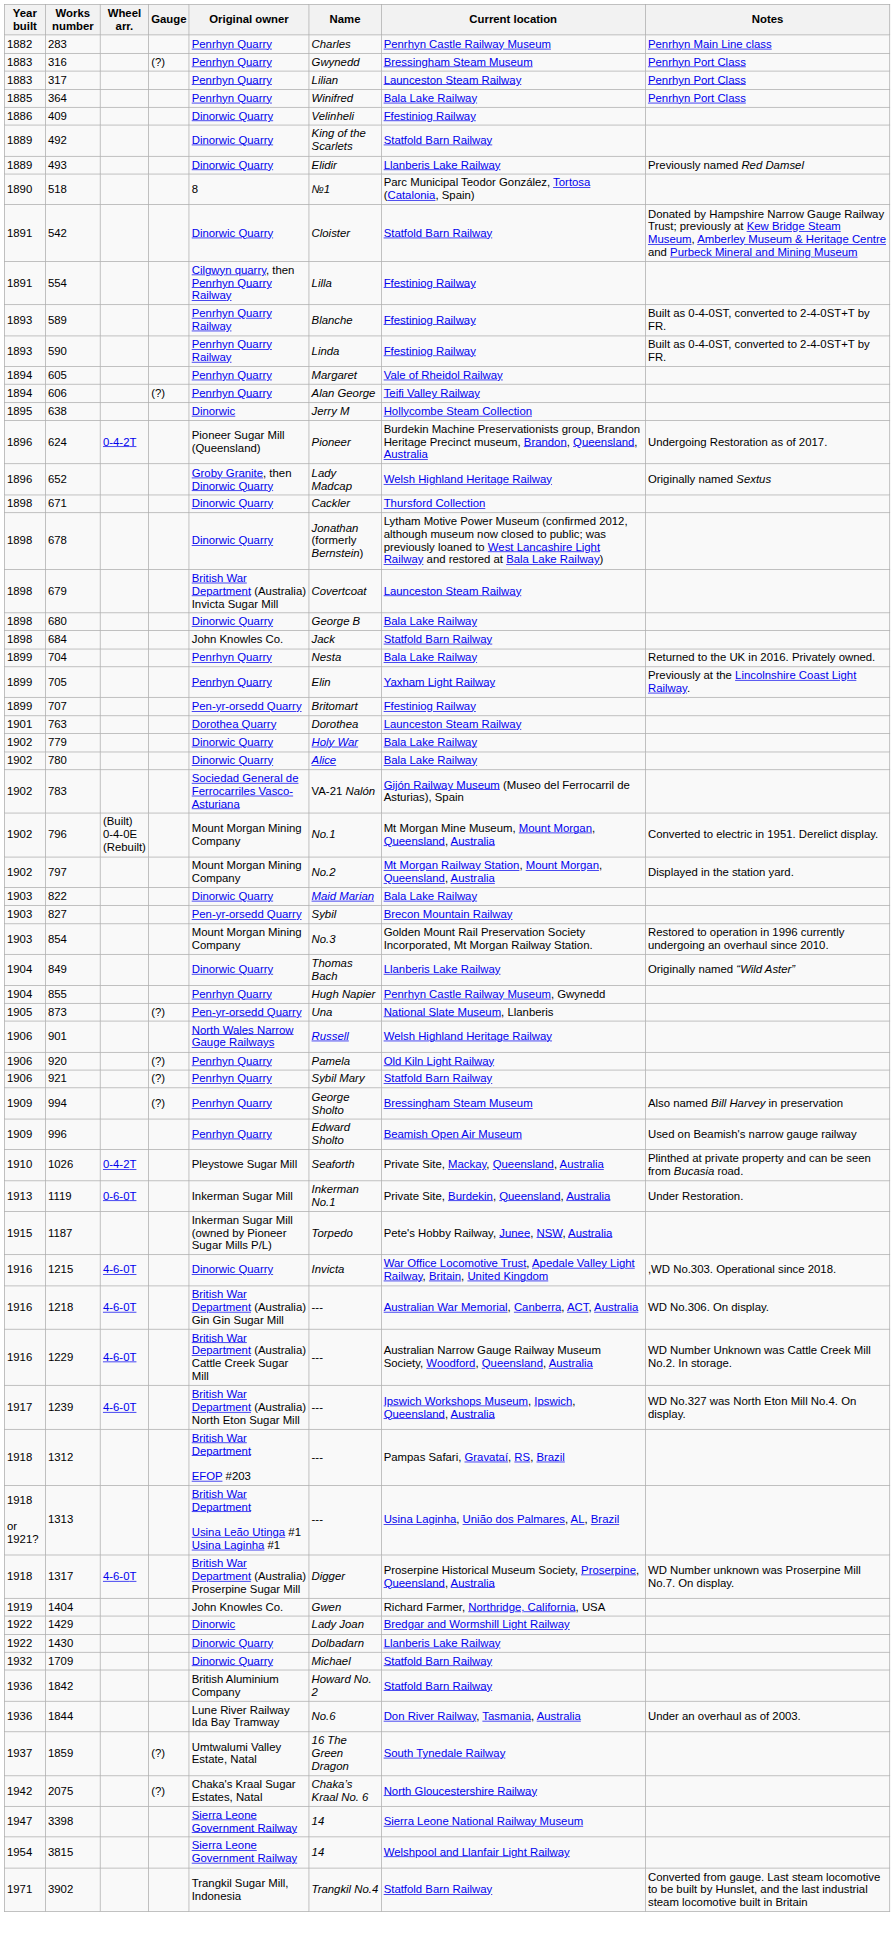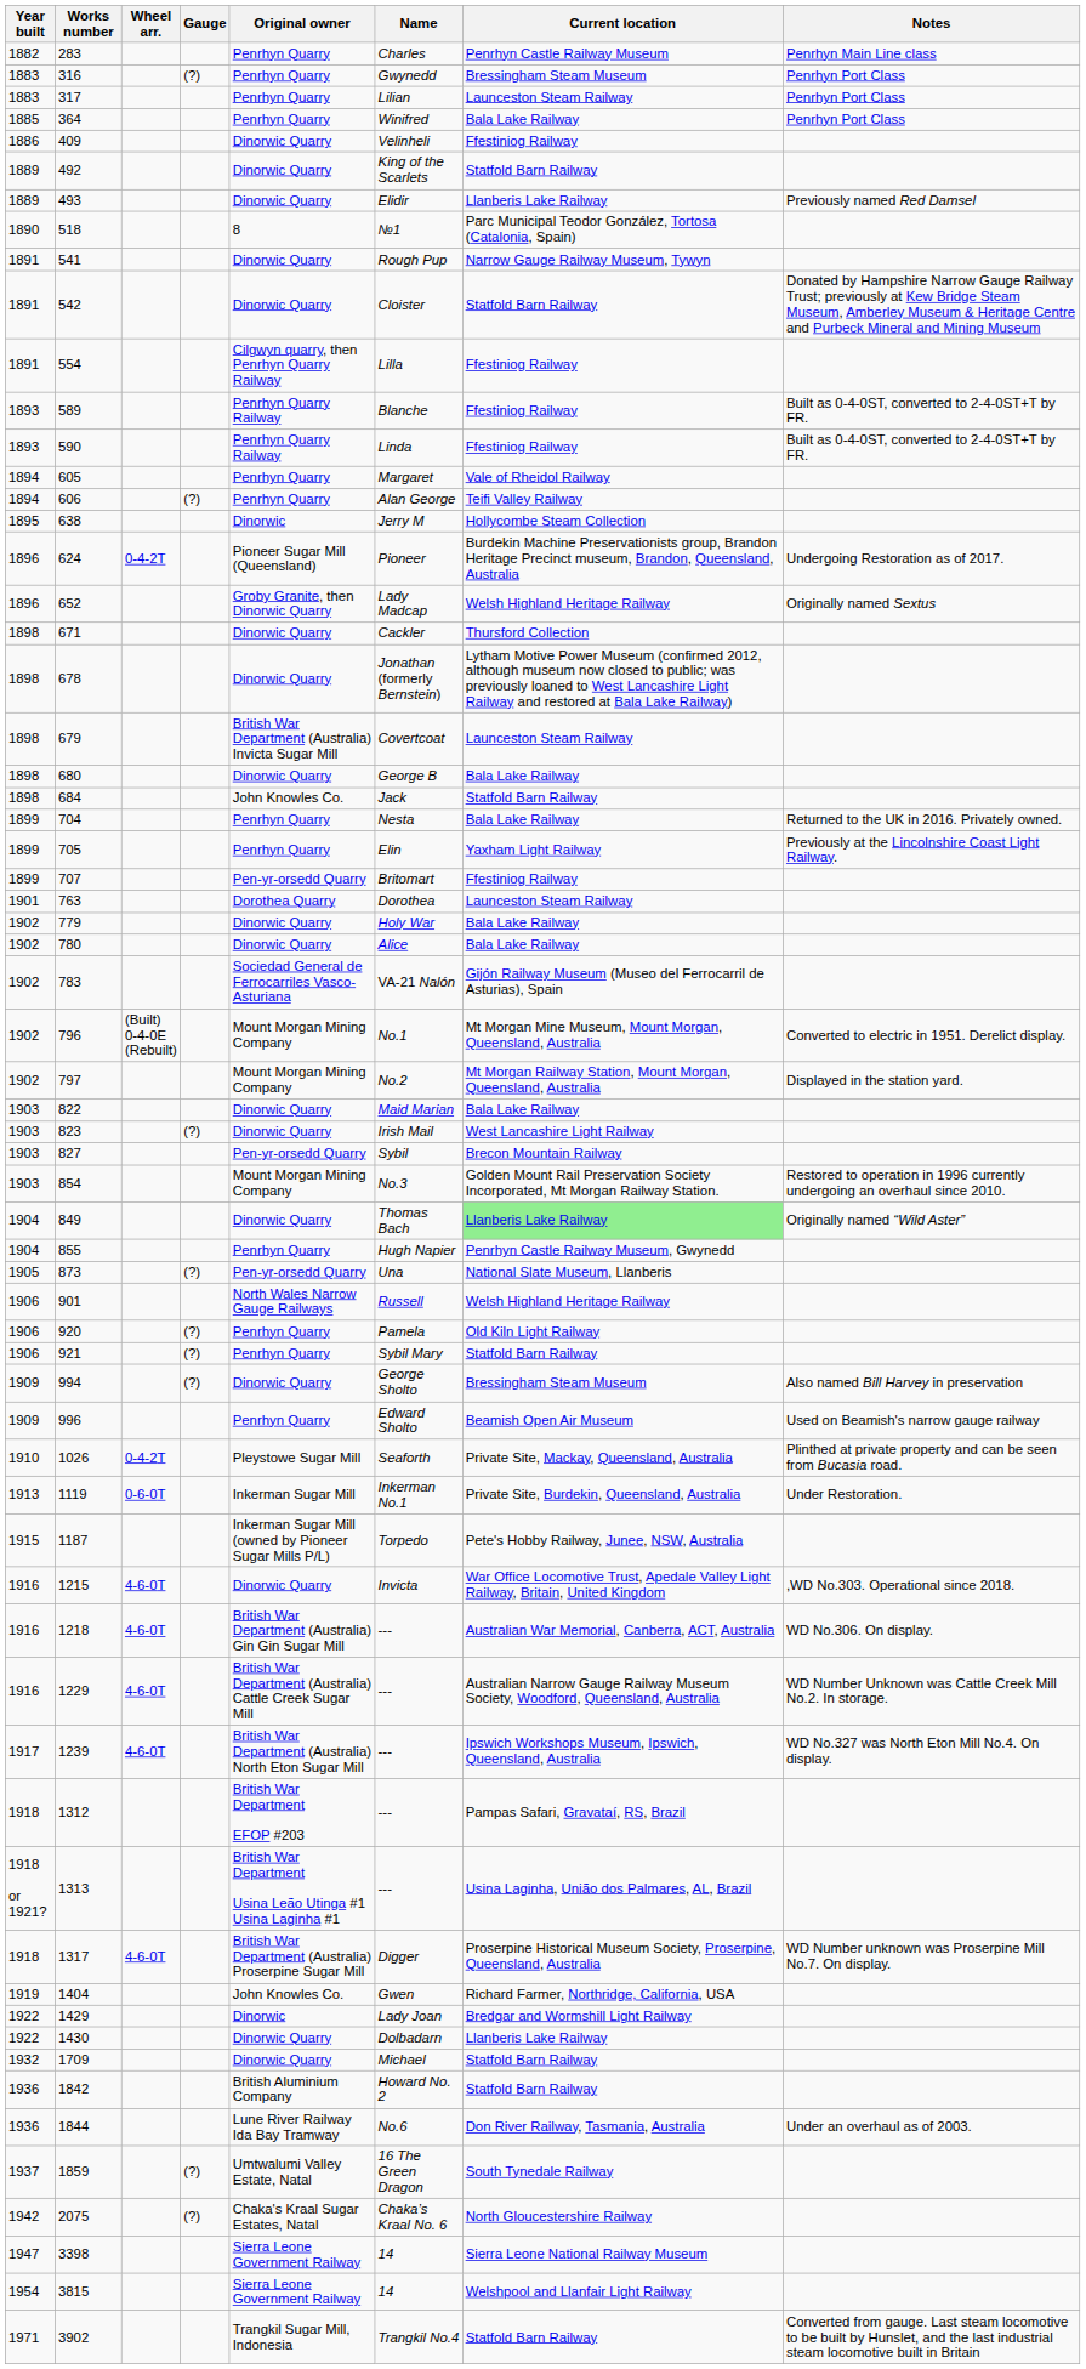 <table class="wikitable sortable">
 <tr>
 <th>Year built</th>
 <th>Works number</th>
 <th width = "50px">Wheel arr.</th>
 <th>Gauge</th>
 <th>Original owner</th>
 <th>Name</th>
 <th>Current location</th>
 <th>Notes</th>
 </tr>
 <tr>
 <td>1882</td>
 <td>283</td>
 <td></td>
 <td></td>
 <td><a href='#'>Penrhyn Quarry</a></td>
 <td><em>Charles</em></td>
 <td><a href='#'>Penrhyn Castle Railway Museum</a></td>
 <td> <a href='#'>Penrhyn Main Line class</a></td>
 </tr>
 <tr>
 <td>1883</td>
 <td>316</td>
 <td></td>
 <td> (?)</td>
 <td><a href='#'>Penrhyn Quarry</a></td>
 <td><em>Gwynedd</em></td>
 <td><a href='#'>Bressingham Steam Museum</a></td>
 <td> <a href='#'>Penrhyn Port Class</a></td>
 </tr>
 <tr>
 <td>1883</td>
 <td>317</td>
 <td></td>
 <td></td>
 <td><a href='#'>Penrhyn Quarry</a></td>
 <td><em>Lilian</em></td>
 <td><a href='#'>Launceston Steam Railway</a></td>
 <td> <a href='#'>Penrhyn Port Class</a></td>
 </tr>
 <tr>
 <td>1885</td>
 <td>364</td>
 <td></td>
 <td></td>
 <td><a href='#'>Penrhyn Quarry</a></td>
 <td><em>Winifred</em></td>
 <td><a href='#'>Bala Lake Railway</a></td>
 <td> <a href='#'>Penrhyn Port Class</a></td>
 </tr>
 <tr>
 <td>1886</td>
 <td>409</td>
 <td></td>
 <td></td>
 <td><a href='#'>Dinorwic Quarry</a></td>
 <td><em>Velinheli</em></td>
 <td><a href='#'>Ffestiniog Railway</a></td>
 <td></td>
 </tr>
 <tr>
 <td>1889</td>
 <td>492</td>
 <td></td>
 <td></td>
 <td><a href='#'>Dinorwic Quarry</a></td>
 <td><em>King of the Scarlets</em></td>
 <td><a href='#'>Statfold Barn Railway</a></td>
 <td></td>
 </tr>
 <tr>
 <td>1889</td>
 <td>493</td>
 <td></td>
 <td></td>
 <td><a href='#'>Dinorwic Quarry</a></td>
 <td><em>Elidir</em></td>
 <td><a href='#'>Llanberis Lake Railway</a></td>
 <td> Previously named <em>Red Damsel</em> </td>
 </tr>
 <tr>
 <td>1890</td>
 <td>518</td>
 <td></td>
 <td></td>
 <td> 8</td>
 <td><em> №1</em></td>
 <td>Parc Municipal Teodor González, <a href='#'>Tortosa</a> (<a href='#'>Catalonia</a>, Spain)</td>
 <td><br></td>
+</tr>
+<tr>
+<td>1891</td>
+<td>541</td>
+<td></td>
+<td></td>
+<td><a href='#'>Dinorwic Quarry</a></td>
+<td><em>Rough Pup</em></td>
+<td><a href='#'>Narrow Gauge Railway Museum</a>, <a href='#'>Tywyn</a></td>
+<td></td>
 </tr>
 <tr>
 <td>1891</td>
 <td>542</td>
 <td></td>
 <td></td>
 <td><a href='#'>Dinorwic Quarry</a></td>
 <td><em>Cloister</em></td>
 <td><a href='#'>Statfold Barn Railway</a></td>
 <td> Donated by Hampshire Narrow Gauge Railway Trust; previously at <a href='#'>Kew Bridge Steam Museum</a>, <a href='#'>Amberley Museum & Heritage Centre</a> and <a href='#'>Purbeck Mineral and Mining Museum</a></td>
 </tr>
 <tr>
 <td>1891</td>
 <td>554</td>
 <td></td>
 <td></td>
 <td><a href='#'>Cilgwyn quarry</a>, then <a href='#'>Penrhyn Quarry Railway</a></td>
 <td><em>Lilla</em></td>
 <td><a href='#'>Ffestiniog Railway</a></td>
 <td></td>
 </tr>
 <tr>
 <td>1893</td>
 <td>589</td>
 <td></td>
 <td></td>
 <td><a href='#'>Penrhyn Quarry Railway</a></td>
 <td><em>Blanche</em></td>
 <td><a href='#'>Ffestiniog Railway</a></td>
 <td> Built as 0-4-0ST, converted to 2-4-0ST+T by FR.</td>
 </tr>
 <tr>
 <td>1893</td>
 <td>590</td>
 <td></td>
 <td></td>
 <td><a href='#'>Penrhyn Quarry Railway</a></td>
 <td><em>Linda </em></td>
 <td><a href='#'>Ffestiniog Railway</a></td>
 <td> Built as 0-4-0ST, converted to 2-4-0ST+T by FR.</td>
 </tr>
 <tr>
 <td>1894</td>
 <td>605</td>
 <td></td>
 <td></td>
 <td><a href='#'>Penrhyn Quarry</a></td>
 <td><em>Margaret</em></td>
 <td><a href='#'>Vale of Rheidol Railway</a></td>
 <td></td>
 </tr>
 <tr>
 <td>1894</td>
 <td>606</td>
 <td></td>
 <td> (?)</td>
 <td><a href='#'>Penrhyn Quarry</a></td>
 <td><em>Alan George</em></td>
 <td><a href='#'>Teifi Valley Railway</a></td>
 <td></td>
 </tr>
 <tr>
 <td>1895</td>
 <td>638</td>
 <td></td>
 <td></td>
 <td><a href='#'>Dinorwic</a></td>
 <td><em>Jerry M </em></td>
 <td><a href='#'>Hollycombe Steam Collection</a></td>
 <td></td>
 </tr>
 <tr>
 <td>1896</td>
 <td>624</td>
 <td><a href='#'>0-4-2</a><a href='#'>T</a></td>
 <td></td>
 <td>Pioneer Sugar Mill (Queensland)</td>
 <td><em>Pioneer</em></td>
 <td>Burdekin Machine Preservationists group, Brandon Heritage Precinct museum, <a href='#'>Brandon</a>, <a href='#'>Queensland</a>, <a href='#'>Australia</a></td>
 <td>Undergoing Restoration as of 2017.</td>
 </tr>
 <tr>
 <td>1896</td>
 <td>652</td>
 <td></td>
 <td></td>
 <td><a href='#'>Groby Granite</a>, then <a href='#'>Dinorwic Quarry</a></td>
 <td><em>Lady Madcap</em></td>
 <td><a href='#'>Welsh Highland Heritage Railway</a></td>
 <td>Originally named <em>Sextus</em> </td>
 </tr>
 <tr>
 <td>1898</td>
 <td>671</td>
 <td></td>
 <td></td>
 <td><a href='#'>Dinorwic Quarry</a></td>
 <td><em>Cackler</em></td>
 <td><a href='#'>Thursford Collection</a></td>
 <td></td>
 </tr>
 <tr>
 <td>1898</td>
 <td>678</td>
 <td></td>
 <td></td>
 <td><a href='#'>Dinorwic Quarry</a></td>
 <td><em>Jonathan</em><br>(formerly <em>Bernstein</em>)</td>
 <td>Lytham Motive Power Museum (confirmed 2012, although museum now closed to public; was previously loaned to <a href='#'>West Lancashire Light Railway</a> and restored at <a href='#'>Bala Lake Railway</a>)</td>
 <td></td>
 </tr>
 <tr>
 <td>1898</td>
 <td>679</td>
 <td></td>
 <td></td>
 <td><a href='#'>British War Department</a> (Australia)<br>Invicta Sugar Mill</td>
 <td><em>Covertcoat</em></td>
 <td><a href='#'>Launceston Steam Railway</a></td>
 <td></td>
 </tr>
 <tr>
 <td>1898</td>
 <td>680</td>
 <td></td>
 <td></td>
 <td><a href='#'>Dinorwic Quarry</a></td>
 <td><em>George B</em></td>
 <td><a href='#'>Bala Lake Railway</a></td>
 <td></td>
 </tr>
 <tr>
 <td>1898</td>
 <td>684</td>
 <td></td>
 <td></td>
 <td>John Knowles Co.</td>
 <td><em>Jack</em></td>
 <td><a href='#'>Statfold Barn Railway</a></td>
 <td></td>
 </tr>
 <tr>
 <td>1899</td>
 <td>704</td>
 <td></td>
 <td></td>
 <td><a href='#'>Penrhyn Quarry</a></td>
 <td><em>Nesta</em></td>
 <td><a href='#'>Bala Lake Railway</a></td>
 <td>Returned to the UK in 2016. Privately owned.</td>
 </tr>
 <tr>
 <td>1899</td>
 <td>705</td>
 <td></td>
 <td></td>
 <td><a href='#'>Penrhyn Quarry</a></td>
 <td><em>Elin</em></td>
 <td><a href='#'>Yaxham Light Railway</a></td>
 <td>Previously at the <a href='#'>Lincolnshire Coast Light Railway</a>.<br></td>
 </tr>
 <tr>
 <td>1899</td>
 <td>707</td>
 <td></td>
 <td></td>
 <td><a href='#'>Pen-yr-orsedd Quarry</a></td>
 <td><em>Britomart</em></td>
 <td><a href='#'>Ffestiniog Railway</a></td>
 <td></td>
 </tr>
 <tr>
 <td>1901</td>
 <td>763</td>
 <td></td>
 <td></td>
 <td><a href='#'>Dorothea Quarry</a></td>
 <td><em>Dorothea</em></td>
 <td><a href='#'>Launceston Steam Railway</a></td>
 <td></td>
 </tr>
 <tr>
 <td>1902</td>
 <td>779</td>
 <td></td>
 <td></td>
 <td><a href='#'>Dinorwic Quarry</a></td>
 <td><em><a href='#'>Holy War</a></em></td>
 <td><a href='#'>Bala Lake Railway</a></td>
 <td></td>
 </tr>
 <tr>
 <td>1902</td>
 <td>780</td>
 <td></td>
 <td></td>
 <td><a href='#'>Dinorwic Quarry</a></td>
 <td><em><a href='#'>Alice</a></em></td>
 <td><a href='#'>Bala Lake Railway</a></td>
 <td></td>
 </tr>
 <tr>
 <td>1902</td>
 <td>783</td>
 <td></td>
 <td></td>
 <td><a href='#'>Sociedad General de Ferrocarriles Vasco-Asturiana</a></td>
 <td>VA-21 <em>Nalón</em></td>
 <td><a href='#'>Gijón Railway Museum</a> (Museo del Ferrocarril de Asturias), Spain</td>
 <td></td>
 </tr>
 <tr>
 <td>1902</td>
 <td>796</td>
 <td> (Built)<br>0-4-0E<br>(Rebuilt)</td>
 <td></td>
 <td>Mount Morgan Mining Company</td>
 <td><em>No.1</em></td>
 <td>Mt Morgan Mine Museum, <a href='#'>Mount Morgan</a>, <a href='#'>Queensland</a>, <a href='#'>Australia</a></td>
 <td>Converted to electric in 1951. Derelict display.</td>
 </tr>
 <tr>
 <td>1902</td>
 <td>797</td>
 <td></td>
 <td></td>
 <td>Mount Morgan Mining Company</td>
 <td><em>No.2</em></td>
 <td><a href='#'>Mt Morgan Railway Station</a>, <a href='#'>Mount Morgan</a>, <a href='#'>Queensland</a>, <a href='#'>Australia</a></td>
 <td>Displayed in the station yard.</td>
 </tr>
 <tr>
 <td>1903</td>
 <td>822</td>
 <td></td>
 <td></td>
 <td><a href='#'>Dinorwic Quarry</a></td>
 <td><em><a href='#'>Maid Marian</a></em></td>
 <td><a href='#'>Bala Lake Railway</a></td>
 <td></td>
 </tr>
 <tr>
 <td>1903</td>
+<td>823</td>
+<td></td>
+<td> (?)</td>
+<td><a href='#'>Dinorwic Quarry</a></td>
+<td><em> Irish Mail </em></td>
+<td><a href='#'>West Lancashire Light Railway</a></td>
+<td></td>
+</tr>
+<tr>
+<td>1903</td>
 <td>827</td>
 <td></td>
 <td></td>
 <td><a href='#'>Pen-yr-orsedd Quarry</a></td>
 <td><em>Sybil</em></td>
 <td><a href='#'>Brecon Mountain Railway</a></td>
 <td></td>
 </tr>
 <tr>
 <td>1903</td>
 <td>854</td>
 <td></td>
 <td></td>
 <td>Mount Morgan Mining Company</td>
 <td><em>No.3</em></td>
 <td>Golden Mount Rail Preservation Society Incorporated, Mt Morgan Railway Station.</td>
 <td>Restored to operation in 1996 currently undergoing an overhaul since 2010.</td>
 </tr>
 <tr>
 <td>1904</td>
 <td>849</td>
 <td></td>
 <td></td>
 <td><a href='#'>Dinorwic Quarry</a></td>
 <td><em>Thomas Bach</em></td>
-<td><a href='#'>Llanberis Lake Railway</a></td>
+<td style="background: lightgreen;"><a href='#'>Llanberis Lake Railway</a></td>
 <td> Originally named <em>“Wild Aster”</em> </td>
 </tr>
 <tr>
 <td>1904</td>
 <td>855</td>
 <td></td>
 <td></td>
 <td><a href='#'>Penrhyn Quarry</a></td>
 <td><em>Hugh Napier</em></td>
 <td><a href='#'>Penrhyn Castle Railway Museum</a>, Gwynedd</td>
 <td></td>
 </tr>
 <tr>
 <td>1905</td>
 <td>873</td>
 <td></td>
 <td> (?)</td>
 <td><a href='#'>Pen-yr-orsedd Quarry</a></td>
 <td><em>Una</em></td>
 <td><a href='#'>National Slate Museum</a>, Llanberis</td>
 <td></td>
 </tr>
 <tr>
 <td>1906</td>
 <td>901</td>
 <td></td>
 <td></td>
 <td><a href='#'>North Wales Narrow Gauge Railways</a></td>
 <td><em><a href='#'>Russell</a></em></td>
 <td><a href='#'>Welsh Highland Heritage Railway</a></td>
 <td></td>
 </tr>
 <tr>
 <td>1906</td>
 <td>920</td>
 <td></td>
 <td> (?)</td>
 <td><a href='#'>Penrhyn Quarry</a></td>
 <td><em> Pamela </em></td>
 <td><a href='#'>Old Kiln Light Railway</a></td>
 <td></td>
 </tr>
 <tr>
 <td>1906</td>
 <td>921</td>
 <td></td>
 <td> (?)</td>
 <td><a href='#'>Penrhyn Quarry</a></td>
 <td><em>Sybil Mary</em></td>
 <td><a href='#'>Statfold Barn Railway</a></td>
 <td></td>
 </tr>
 <tr>
 <td>1909</td>
 <td>994</td>
 <td></td>
 <td> (?)</td>
-<td><a href='#'>Penrhyn Quarry</a></td>
+<td><a href='#'>Dinorwic Quarry</a></td>
 <td><em>George Sholto</em></td>
 <td><a href='#'>Bressingham Steam Museum</a></td>
 <td> Also named <em>Bill Harvey</em> in preservation </td>
 </tr>
 <tr>
 <td>1909</td>
 <td>996</td>
 <td></td>
 <td></td>
 <td><a href='#'>Penrhyn Quarry</a></td>
 <td><em>Edward Sholto</em></td>
 <td><a href='#'>Beamish Open Air Museum</a></td>
 <td> Used on Beamish's narrow gauge railway </td>
 </tr>
 <tr>
 <td>1910</td>
 <td>1026</td>
 <td><a href='#'>0-4-2</a><a href='#'>T</a></td>
 <td></td>
 <td>Pleystowe Sugar Mill</td>
 <td><em>Seaforth</em></td>
 <td>Private Site, <a href='#'>Mackay</a>, <a href='#'>Queensland</a>, <a href='#'>Australia</a></td>
 <td>Plinthed at private property and can be seen from <em>Bucasia</em> road.</td>
 </tr>
 <tr>
 <td>1913</td>
 <td>1119</td>
 <td><a href='#'>0-6-0</a><a href='#'>T</a></td>
 <td></td>
 <td>Inkerman Sugar Mill</td>
 <td><em>Inkerman No.1</em></td>
 <td>Private Site, <a href='#'>Burdekin</a>, <a href='#'>Queensland</a>, <a href='#'>Australia</a></td>
 <td>Under Restoration.</td>
 </tr>
 <tr>
 <td>1915</td>
 <td>1187</td>
 <td></td>
 <td></td>
 <td>Inkerman Sugar Mill (owned by Pioneer Sugar Mills P/L)</td>
 <td><em>Torpedo</em></td>
 <td>Pete's Hobby Railway, <a href='#'>Junee</a>, <a href='#'>NSW</a>, <a href='#'>Australia</a></td>
 <td></td>
 </tr>
 <tr>
 <td>1916</td>
 <td>1215</td>
 <td><a href='#'>4-6-0</a><a href='#'>T</a></td>
 <td></td>
 <td><a href='#'>Dinorwic Quarry</a></td>
 <td><em>Invicta</em></td>
 <td><a href='#'>War Office Locomotive Trust</a>, <a href='#'>Apedale Valley Light Railway</a>, <a href='#'>Britain</a>, <a href='#'>United Kingdom</a></td>
 <td>,WD No.303. Operational since 2018.</td>
 </tr>
 <tr>
 <td>1916</td>
 <td>1218</td>
 <td><a href='#'>4-6-0</a><a href='#'>T</a></td>
 <td></td>
 <td><a href='#'>British War Department</a> (Australia)<br>Gin Gin Sugar Mill</td>
 <td>---</td>
 <td><a href='#'>Australian War Memorial</a>, <a href='#'>Canberra</a>, <a href='#'>ACT</a>, <a href='#'>Australia</a></td>
 <td>WD No.306. On display.</td>
 </tr>
 <tr>
 <td>1916</td>
 <td>1229</td>
 <td><a href='#'>4-6-0</a><a href='#'>T</a></td>
 <td></td>
 <td><a href='#'>British War Department</a> (Australia)<br>Cattle Creek Sugar Mill</td>
 <td>---</td>
 <td>Australian Narrow Gauge Railway Museum Society, <a href='#'>Woodford</a>, <a href='#'>Queensland</a>, <a href='#'>Australia</a></td>
 <td>WD Number Unknown was Cattle Creek Mill No.2. In storage.</td>
 </tr>
 <tr>
 <td>1917</td>
 <td>1239</td>
 <td><a href='#'>4-6-0</a><a href='#'>T</a></td>
 <td></td>
 <td><a href='#'>British War Department</a> (Australia)<br>North Eton Sugar Mill</td>
 <td>---</td>
 <td><a href='#'>Ipswich Workshops Museum</a>, <a href='#'>Ipswich</a>, <a href='#'>Queensland</a>, <a href='#'>Australia</a></td>
 <td>WD No.327 was North Eton Mill No.4. On display.</td>
 </tr>
 <tr>
 <td>1918</td>
 <td>1312</td>
 <td></td>
 <td></td>
 <td><a href='#'>British War Department</a><br><br><a href='#'>EFOP</a> #203</td>
 <td>---</td>
 <td>Pampas Safari, <a href='#'>Gravataí</a>, <a href='#'>RS</a>, <a href='#'>Brazil</a></td>
 <td></td>
 </tr>
 <tr>
 <td>1918<br><br>or<br> 1921?</td>
 <td>1313</td>
 <td></td>
 <td></td>
 <td><a href='#'>British War Department</a><br><br><a href='#'>Usina Leão Utinga</a> #1<br> <a href='#'>Usina Laginha</a> #1</td>
 <td>---</td>
 <td><a href='#'>Usina Laginha</a>, <a href='#'>União dos Palmares</a>, <a href='#'>AL</a>, <a href='#'>Brazil</a></td>
 <td></td>
 </tr>
 <tr>
 <td>1918</td>
 <td>1317</td>
 <td><a href='#'>4-6-0</a><a href='#'>T</a></td>
 <td></td>
 <td><a href='#'>British War Department</a> (Australia)<br>Proserpine Sugar Mill</td>
 <td><em>Digger</em></td>
 <td>Proserpine Historical Museum Society, <a href='#'>Proserpine</a>, <a href='#'>Queensland</a>, <a href='#'>Australia</a></td>
 <td>WD Number unknown was Proserpine Mill No.7. On display.</td>
 </tr>
 <tr>
 <td>1919</td>
 <td>1404</td>
 <td></td>
 <td></td>
 <td>John Knowles Co.</td>
 <td><em>Gwen</em></td>
 <td>Richard Farmer, <a href='#'>Northridge, California</a>, USA</td>
 <td></td>
 </tr>
 <tr>
 <td>1922</td>
 <td>1429</td>
 <td></td>
 <td></td>
 <td><a href='#'>Dinorwic</a></td>
 <td><em> Lady Joan </em></td>
 <td><a href='#'>Bredgar and Wormshill Light Railway</a></td>
 <td></td>
 </tr>
 <tr>
 <td>1922</td>
 <td>1430</td>
 <td></td>
 <td></td>
 <td><a href='#'>Dinorwic Quarry</a></td>
 <td><em>Dolbadarn</em></td>
 <td><a href='#'>Llanberis Lake Railway</a></td>
 <td></td>
 </tr>
 <tr>
 <td>1932</td>
 <td>1709</td>
 <td></td>
 <td></td>
 <td><a href='#'>Dinorwic Quarry</a></td>
 <td><em>Michael</em></td>
 <td><a href='#'>Statfold Barn Railway</a></td>
 <td></td>
 </tr>
 <tr>
 <td>1936</td>
 <td>1842</td>
 <td></td>
 <td></td>
 <td>British Aluminium Company</td>
 <td><em>Howard No. 2</em></td>
 <td><a href='#'>Statfold Barn Railway</a></td>
 <td></td>
 </tr>
 <tr>
 <td>1936</td>
 <td>1844</td>
 <td></td>
 <td></td>
 <td>Lune River Railway<br>Ida Bay Tramway</td>
 <td><em>No.6</em></td>
 <td><a href='#'>Don River Railway</a>, <a href='#'>Tasmania</a>, <a href='#'>Australia</a></td>
 <td>Under an overhaul as of 2003.</td>
 </tr>
 <tr>
 <td>1937</td>
 <td>1859</td>
 <td></td>
 <td> (?)</td>
 <td>Umtwalumi Valley Estate, Natal</td>
 <td><em>16</em> <em>The Green Dragon</em></td>
 <td><a href='#'>South Tynedale Railway</a></td>
 <td></td>
 </tr>
 <tr>
 <td>1942</td>
 <td>2075</td>
 <td></td>
 <td> (?)</td>
 <td>Chaka's Kraal Sugar Estates, Natal</td>
 <td><em>Chaka’s Kraal No. 6</em></td>
 <td><a href='#'>North Gloucestershire Railway</a></td>
 <td></td>
 </tr>
 <tr>
 <td>1947</td>
 <td>3398</td>
 <td></td>
 <td></td>
 <td><a href='#'>Sierra Leone Government Railway</a></td>
 <td><em>14</em></td>
 <td><a href='#'>Sierra Leone National Railway Museum</a></td>
 <td></td>
 </tr>
 <tr>
 <td>1954</td>
 <td>3815</td>
 <td></td>
 <td></td>
 <td><a href='#'>Sierra Leone Government Railway</a></td>
 <td><em>14</em></td>
 <td><a href='#'>Welshpool and Llanfair Light Railway</a></td>
 <td></td>
 </tr>
 <tr>
 <td>1971</td>
 <td>3902</td>
 <td></td>
 <td></td>
 <td>Trangkil Sugar Mill, Indonesia</td>
 <td><em>Trangkil No.4</em></td>
 <td><a href='#'>Statfold Barn Railway</a></td>
 <td> Converted from  gauge. Last steam locomotive to be built by Hunslet, and the last industrial steam locomotive built in Britain</td>
 </tr>
 </table>
